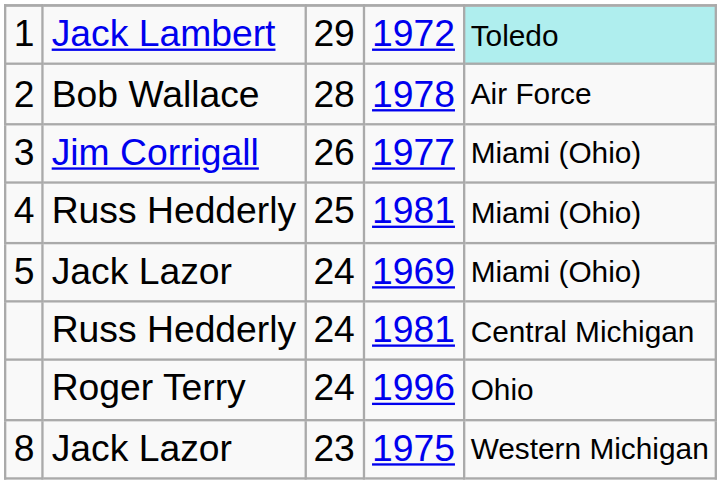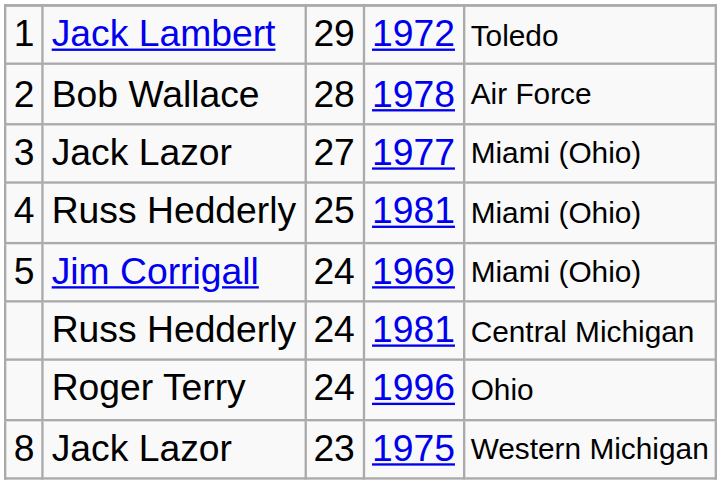 <table class="wikitable" style="display:inline-table;">
 <tr>
 </tr>
 <tr>
 <td>1</td>
 <td><a href='#'>Jack Lambert</a></td>
 <td>29</td>
 <td><a href='#'>1972</a></td>
-<td style="background: paleturquoise; font-size:80%;">Toledo</td>
+<td style="font-size:80%;">Toledo</td>
 </tr>
 <tr>
 <td>2</td>
 <td>Bob Wallace</td>
 <td>28</td>
 <td><a href='#'>1978</a></td>
 <td style="font-size:80%;">Air Force</td>
 </tr>
 <tr>
 <td>3</td>
-<td><a href='#'>Jim Corrigall</a></td>
-<td>26</td>
+<td>Jack Lazor</td>
+<td>27</td>
 <td><a href='#'>1977</a></td>
 <td style="font-size:80%;">Miami (Ohio)</td>
 </tr>
 <tr>
 <td>4</td>
 <td>Russ Hedderly</td>
 <td>25</td>
 <td><a href='#'>1981</a></td>
 <td style="font-size:80%;">Miami (Ohio)</td>
 </tr>
 <tr>
 <td>5</td>
-<td>Jack Lazor</td>
+<td><a href='#'>Jim Corrigall</a></td>
 <td>24</td>
 <td><a href='#'>1969</a></td>
 <td style="font-size:80%;">Miami (Ohio)</td>
 </tr>
 <tr>
 <td></td>
 <td>Russ Hedderly</td>
 <td>24</td>
 <td><a href='#'>1981</a></td>
 <td style="font-size:80%;">Central Michigan</td>
 </tr>
 <tr>
 <td></td>
 <td>Roger Terry</td>
 <td>24</td>
 <td><a href='#'>1996</a></td>
 <td style="font-size:80%;">Ohio</td>
 </tr>
 <tr>
 <td>8</td>
 <td>Jack Lazor</td>
 <td>23</td>
 <td><a href='#'>1975</a></td>
 <td style="font-size:80%;">Western Michigan</td>
 </tr>
 </table>
